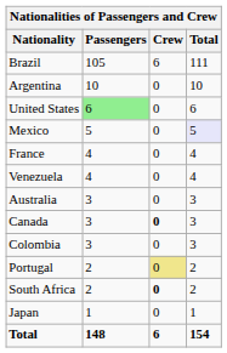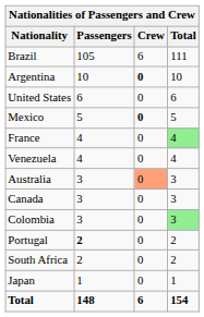 <table class="wikitable sortable" style="float:right;font-size:75%">
 <tr>
 <th colspan=4>Nationalities of Passengers and Crew</th>
 </tr>
 <tr>
 <th>Nationality</th>
 <th>Passengers</th>
 <th>Crew</th>
 <th>Total</th>
 </tr>
 <tr>
 <td>Brazil</td>
 <td>105</td>
 <td>6</td>
 <td>111</td>
 </tr>
 <tr>
 <td>Argentina</td>
 <td>10</td>
-<td>0</td>
+<td><strong>0</strong></td>
 <td>10</td>
 </tr>
 <tr>
 <td>United States</td>
-<td style="background: lightgreen;">6</td>
+<td>6</td>
 <td>0</td>
 <td>6</td>
 </tr>
 <tr>
 <td>Mexico</td>
 <td>5</td>
-<td>0</td>
-<td style="background: lavender;">5</td>
+<td><strong>0</strong></td>
+<td>5</td>
 </tr>
 <tr>
 <td>France</td>
 <td>4</td>
 <td>0</td>
-<td>4</td>
+<td style="background: lightgreen;">4</td>
 </tr>
 <tr>
 <td>Venezuela</td>
 <td>4</td>
 <td>0</td>
 <td>4</td>
 </tr>
 <tr>
 <td>Australia</td>
 <td>3</td>
-<td>0</td>
+<td style="background: lightsalmon;">0</td>
 <td>3</td>
 </tr>
 <tr>
 <td>Canada</td>
 <td>3</td>
-<td><strong>0</strong></td>
+<td>0</td>
 <td>3</td>
 </tr>
 <tr>
 <td>Colombia</td>
 <td>3</td>
 <td>0</td>
-<td>3</td>
+<td style="background: lightgreen;">3</td>
 </tr>
 <tr>
 <td>Portugal</td>
-<td>2</td>
-<td style="background: khaki;">0</td>
+<td><strong>2</strong></td>
+<td>0</td>
 <td>2</td>
 </tr>
 <tr>
 <td>South Africa</td>
 <td>2</td>
-<td><strong>0</strong></td>
+<td>0</td>
 <td>2</td>
 </tr>
 <tr>
 <td>Japan</td>
 <td>1</td>
 <td>0</td>
 <td>1</td>
 </tr>
 <tr class="sortbottom">
 <td><strong>Total</strong></td>
 <td><strong>148</strong></td>
 <td><strong>6</strong></td>
 <td><strong>154</strong></td>
 </tr>
 </table>
